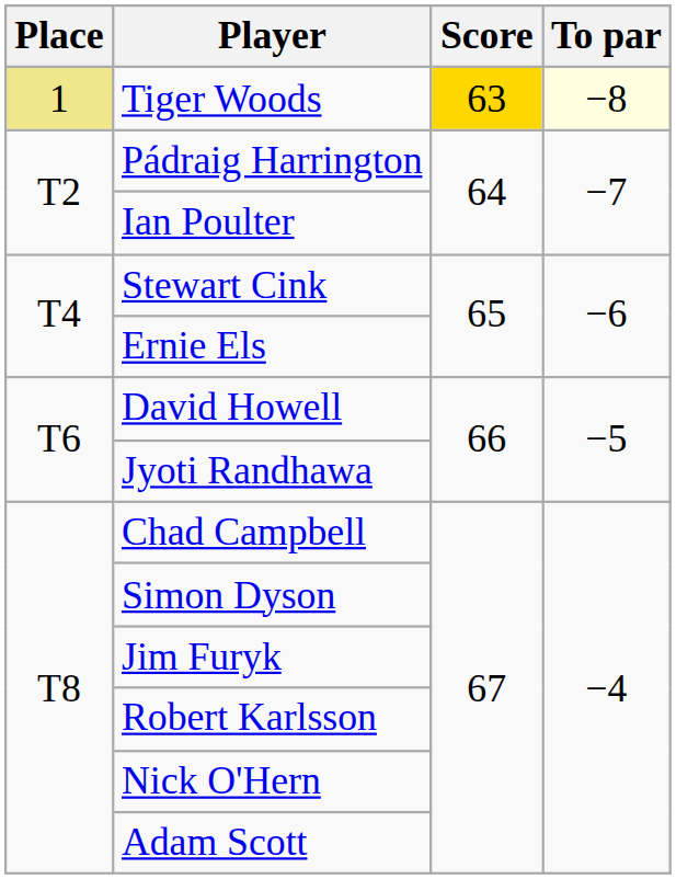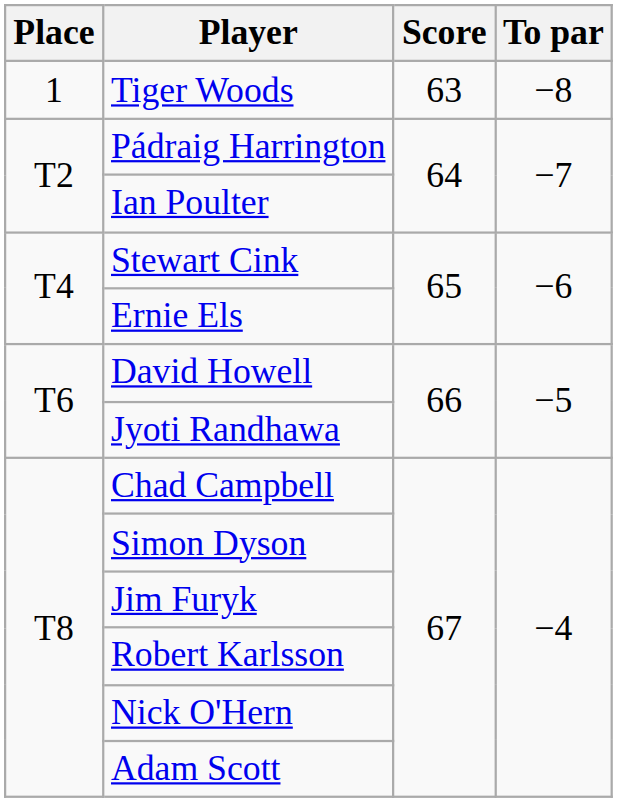 <table class="wikitable">
 <tr>
 <th>Place</th>
 <th>Player</th>
 <th>Score</th>
 <th>To par</th>
 </tr>
 <tr>
-<td align=center style="background: khaki;">1</td>
+<td align=center>1</td>
 <td> <a href='#'>Tiger Woods</a></td>
-<td align=center style="background: gold;">63</td>
-<td align=center style="background: lightyellow;">−8</td>
+<td align=center>63</td>
+<td align=center>−8</td>
 </tr>
 <tr>
 <td rowspan="2" align=center>T2</td>
 <td> <a href='#'>Pádraig Harrington</a></td>
 <td rowspan="2" align=center>64</td>
 <td rowspan="2" align=center>−7</td>
 </tr>
 <tr>
 <td> <a href='#'>Ian Poulter</a></td>
 </tr>
 <tr>
 <td rowspan="2" align=center>T4</td>
 <td> <a href='#'>Stewart Cink</a></td>
 <td rowspan="2" align=center>65</td>
 <td rowspan="2" align=center>−6</td>
 </tr>
 <tr>
 <td> <a href='#'>Ernie Els</a></td>
 </tr>
 <tr>
 <td rowspan="2" align=center>T6</td>
 <td> <a href='#'>David Howell</a></td>
 <td rowspan="2" align=center>66</td>
 <td rowspan="2" align=center>−5</td>
 </tr>
 <tr>
 <td> <a href='#'>Jyoti Randhawa</a></td>
 </tr>
 <tr>
 <td rowspan="6" align=center>T8</td>
 <td> <a href='#'>Chad Campbell</a></td>
 <td rowspan="6" align=center>67</td>
 <td rowspan="6" align=center>−4</td>
 </tr>
 <tr>
 <td> <a href='#'>Simon Dyson</a></td>
 </tr>
 <tr>
 <td> <a href='#'>Jim Furyk</a></td>
 </tr>
 <tr>
 <td> <a href='#'>Robert Karlsson</a></td>
 </tr>
 <tr>
 <td> <a href='#'>Nick O'Hern</a></td>
 </tr>
 <tr>
 <td> <a href='#'>Adam Scott</a></td>
 </tr>
 </table>
